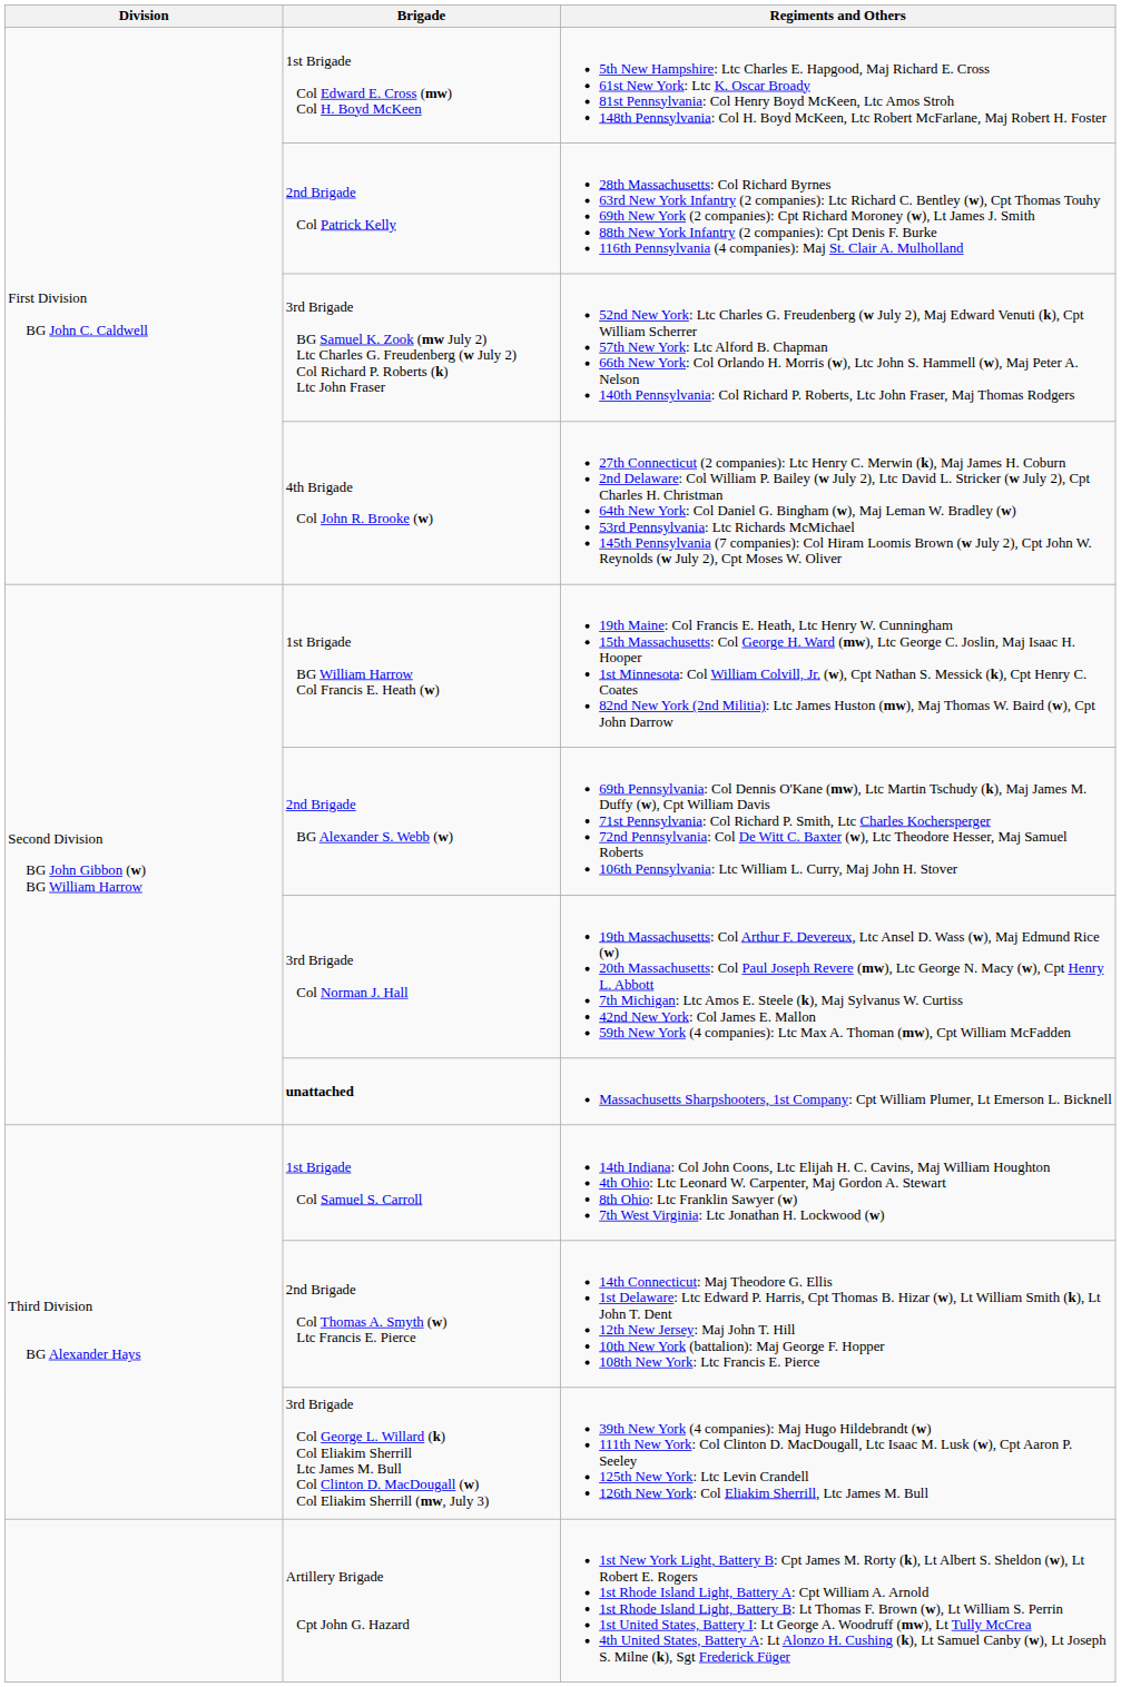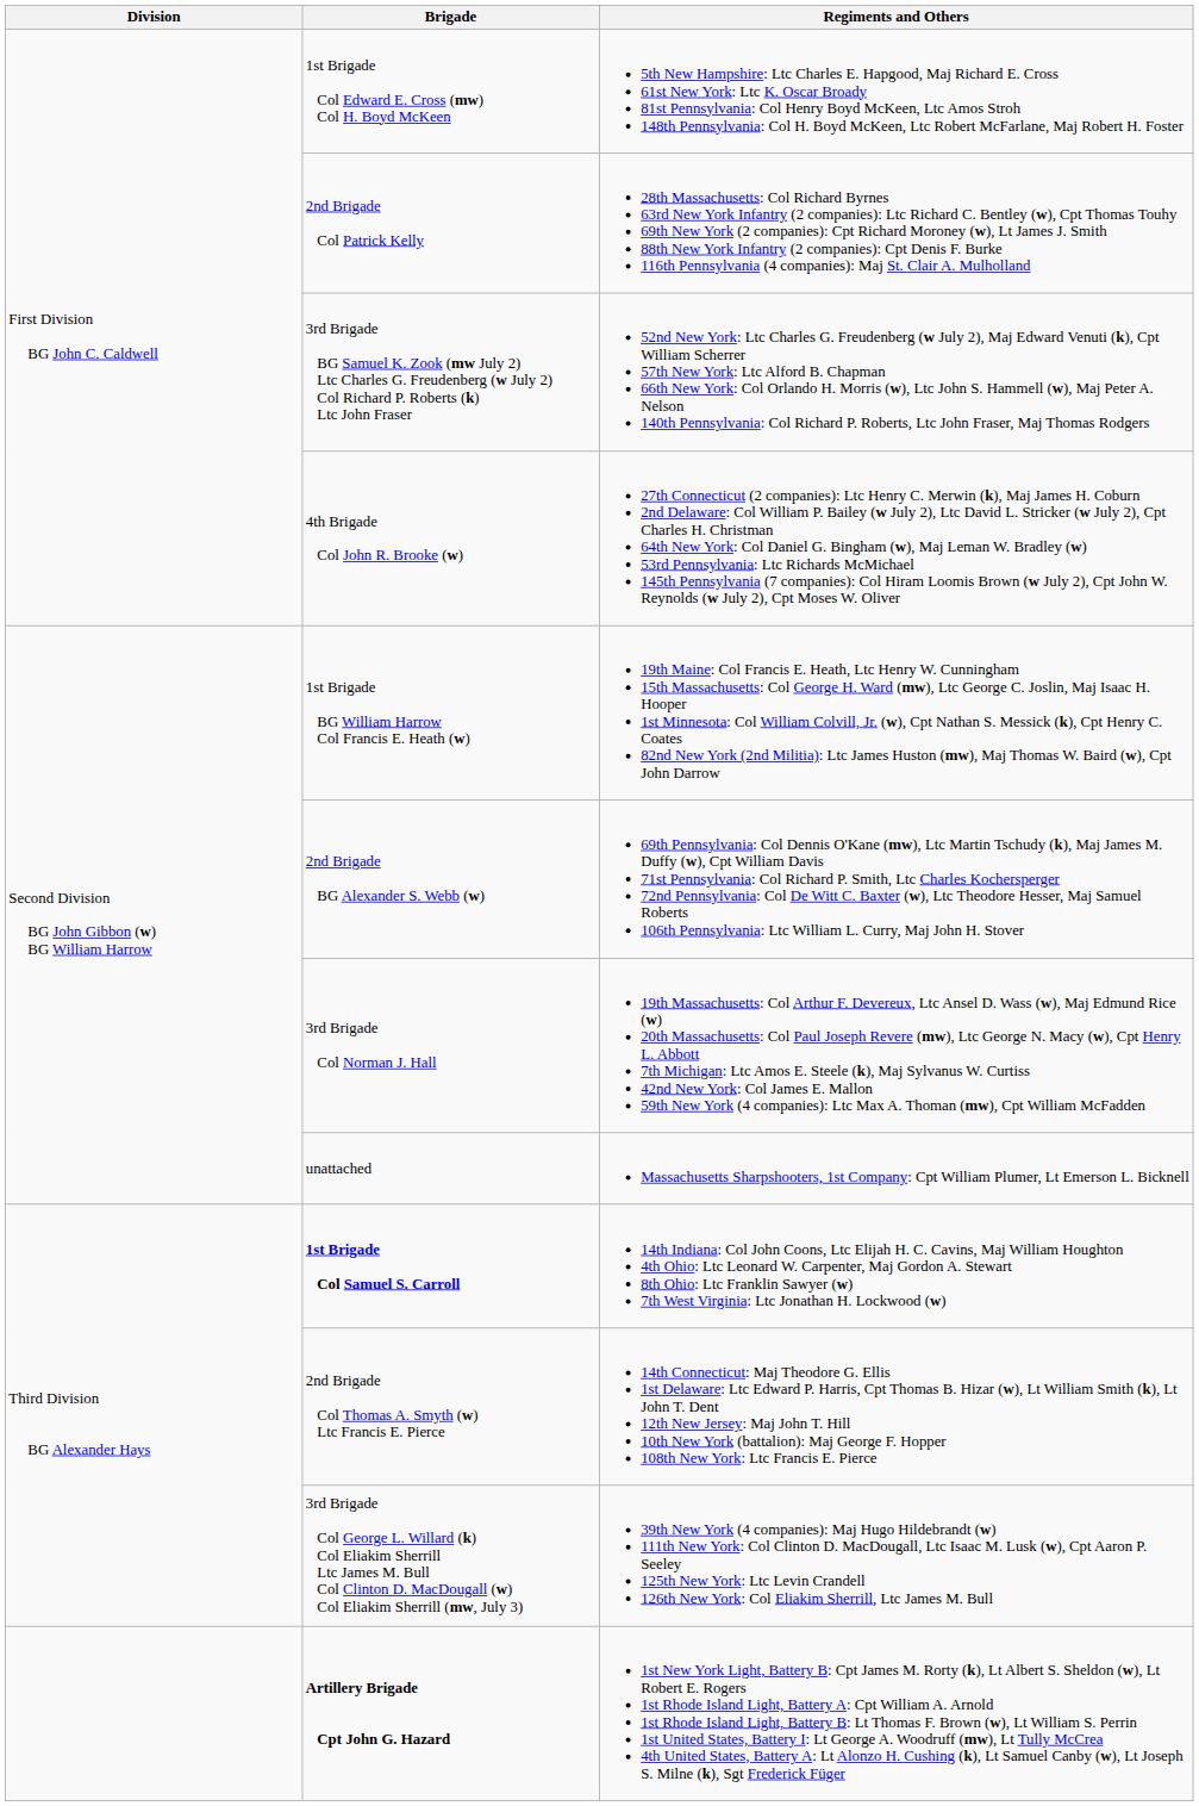 <table class="wikitable">
 <tr>
 <th style="width:25%;">Division</th>
 <th style="width:25%;">Brigade</th>
 <th>Regiments and Others</th>
 </tr>
 <tr>
 <td rowspan=4><br>First Division <br> <br>     BG <a href='#'>John C. Caldwell</a></td>
 <td>1st Brigade<br><br>   Col <a href='#'>Edward E. Cross</a> (<strong>mw</strong>) <br>   Col <a href='#'>H. Boyd McKeen</a></td>
 <td><br><ul><li><a href='#'>5th New Hampshire</a>: Ltc Charles E. Hapgood, Maj Richard E. Cross</li><li><a href='#'>61st New York</a>: Ltc <a href='#'>K. Oscar Broady</a></li><li><a href='#'>81st Pennsylvania</a>: Col Henry Boyd McKeen, Ltc Amos Stroh</li><li><a href='#'>148th Pennsylvania</a>: Col H. Boyd McKeen, Ltc Robert McFarlane, Maj Robert H. Foster</li></ul></td>
 </tr>
 <tr>
 <td><a href='#'>2nd Brigade</a><br><br>   Col <a href='#'>Patrick Kelly</a></td>
 <td><br><ul><li><a href='#'>28th Massachusetts</a>: Col Richard Byrnes</li><li><a href='#'>63rd New York Infantry</a> (2 companies): Ltc Richard C. Bentley (<strong>w</strong>), Cpt Thomas Touhy</li><li><a href='#'>69th New York</a> (2 companies): Cpt Richard Moroney (<strong>w</strong>), Lt James J. Smith</li><li><a href='#'>88th New York Infantry</a> (2 companies): Cpt Denis F. Burke</li><li><a href='#'>116th Pennsylvania</a> (4 companies): Maj <a href='#'>St. Clair A. Mulholland</a></li></ul></td>
 </tr>
 <tr>
 <td>3rd Brigade<br><br>   BG <a href='#'>Samuel K. Zook</a> (<strong>mw</strong> July 2) <br>   Ltc Charles G. Freudenberg (<strong>w</strong> July 2) <br>   Col Richard P. Roberts (<strong>k</strong>) <br>   Ltc John Fraser</td>
 <td><br><ul><li><a href='#'>52nd New York</a>: Ltc Charles G. Freudenberg (<strong>w</strong> July 2), Maj Edward Venuti (<strong>k</strong>), Cpt William Scherrer</li><li><a href='#'>57th New York</a>: Ltc Alford B. Chapman</li><li><a href='#'>66th New York</a>: Col Orlando H. Morris (<strong>w</strong>), Ltc John S. Hammell (<strong>w</strong>), Maj Peter A. Nelson</li><li><a href='#'>140th Pennsylvania</a>: Col Richard P. Roberts, Ltc John Fraser, Maj Thomas Rodgers</li></ul></td>
 </tr>
 <tr>
 <td>4th Brigade<br><br>   Col <a href='#'>John R. Brooke</a> (<strong>w</strong>)</td>
 <td><br><ul><li><a href='#'>27th Connecticut</a> (2 companies): Ltc Henry C. Merwin (<strong>k</strong>), Maj James H. Coburn</li><li><a href='#'>2nd Delaware</a>: Col William P. Bailey (<strong>w</strong> July 2), Ltc David L. Stricker (<strong>w</strong> July 2), Cpt Charles H. Christman</li><li><a href='#'>64th New York</a>: Col Daniel G. Bingham (<strong>w</strong>), Maj Leman W. Bradley (<strong>w</strong>)</li><li><a href='#'>53rd Pennsylvania</a>: Ltc Richards McMichael</li><li><a href='#'>145th Pennsylvania</a> (7 companies): Col Hiram Loomis Brown (<strong>w</strong> July 2), Cpt John W. Reynolds (<strong>w</strong> July 2), Cpt Moses W. Oliver</li></ul></td>
 </tr>
 <tr>
 <td rowspan=4><br>Second Division <br> <br>     BG <a href='#'>John Gibbon</a> (<strong>w</strong>) <br>     BG <a href='#'>William Harrow</a></td>
 <td>1st Brigade<br><br>   BG <a href='#'>William Harrow</a> <br>   Col Francis E. Heath (<strong>w</strong>)</td>
 <td><br><ul><li><a href='#'>19th Maine</a>: Col Francis E. Heath, Ltc Henry W. Cunningham</li><li><a href='#'>15th Massachusetts</a>: Col <a href='#'>George H. Ward</a> (<strong>mw</strong>), Ltc George C. Joslin, Maj Isaac H. Hooper</li><li><a href='#'>1st Minnesota</a>: Col <a href='#'>William Colvill, Jr.</a> (<strong>w</strong>), Cpt Nathan S. Messick (<strong>k</strong>), Cpt Henry C. Coates</li><li><a href='#'>82nd New York (2nd Militia)</a>: Ltc James Huston (<strong>mw</strong>), Maj Thomas W. Baird (<strong>w</strong>),  Cpt John Darrow</li></ul></td>
 </tr>
 <tr>
 <td><a href='#'>2nd Brigade</a><br><br>   BG <a href='#'>Alexander S. Webb</a> (<strong>w</strong>)</td>
 <td><br><ul><li><a href='#'>69th Pennsylvania</a>: Col Dennis O'Kane (<strong>mw</strong>), Ltc Martin Tschudy (<strong>k</strong>), Maj James M. Duffy (<strong>w</strong>), Cpt William Davis</li><li><a href='#'>71st Pennsylvania</a>: Col Richard P. Smith, Ltc <a href='#'>Charles Kochersperger</a></li><li><a href='#'>72nd Pennsylvania</a>: Col <a href='#'>De Witt C. Baxter</a> (<strong>w</strong>), Ltc Theodore Hesser, Maj Samuel Roberts</li><li><a href='#'>106th Pennsylvania</a>: Ltc William L. Curry, Maj John H. Stover</li></ul></td>
 </tr>
 <tr>
 <td>3rd Brigade<br><br>   Col <a href='#'>Norman J. Hall</a></td>
 <td><br><ul><li><a href='#'>19th Massachusetts</a>: Col <a href='#'>Arthur F. Devereux</a>, Ltc Ansel D. Wass (<strong>w</strong>), Maj Edmund Rice (<strong>w</strong>)</li><li><a href='#'>20th Massachusetts</a>: Col <a href='#'>Paul Joseph Revere</a> (<strong>mw</strong>), Ltc George N. Macy (<strong>w</strong>), Cpt <a href='#'>Henry L. Abbott</a></li><li><a href='#'>7th Michigan</a>: Ltc Amos E. Steele (<strong>k</strong>), Maj Sylvanus W. Curtiss</li><li><a href='#'>42nd New York</a>: Col James E. Mallon</li><li><a href='#'>59th New York</a> (4 companies): Ltc Max A. Thoman (<strong>mw</strong>), Cpt William McFadden</li></ul></td>
 </tr>
 <tr>
-<td><strong>unattached</strong></td>
+<td>unattached</td>
 <td><br><ul><li><a href='#'>Massachusetts Sharpshooters, 1st Company</a>: Cpt William Plumer, Lt Emerson L. Bicknell</li></ul></td>
 </tr>
 <tr>
 <td rowspan=3><br>Third Division<br><br> <br>     BG <a href='#'>Alexander Hays</a></td>
-<td><a href='#'>1st Brigade</a><br><br>   Col <a href='#'>Samuel S. Carroll</a></td>
+<td><strong><a href='#'>1st Brigade</a><br><br>   Col <a href='#'>Samuel S. Carroll</a></strong></td>
 <td><br><ul><li><a href='#'>14th Indiana</a>: Col John Coons, Ltc Elijah H. C. Cavins, Maj William Houghton</li><li><a href='#'>4th Ohio</a>: Ltc Leonard W. Carpenter, Maj Gordon A. Stewart</li><li><a href='#'>8th Ohio</a>: Ltc Franklin Sawyer (<strong>w</strong>)</li><li><a href='#'>7th West Virginia</a>: Ltc Jonathan H. Lockwood (<strong>w</strong>)</li></ul></td>
 </tr>
 <tr>
 <td>2nd Brigade<br><br>   Col <a href='#'>Thomas A. Smyth</a> (<strong>w</strong>) <br>   Ltc Francis E. Pierce</td>
 <td><br><ul><li><a href='#'>14th Connecticut</a>: Maj Theodore G. Ellis</li><li><a href='#'>1st Delaware</a>: Ltc Edward P. Harris, Cpt Thomas B. Hizar (<strong>w</strong>), Lt William Smith (<strong>k</strong>), Lt John T. Dent</li><li><a href='#'>12th New Jersey</a>: Maj John T. Hill</li><li><a href='#'>10th New York</a> (battalion): Maj George F. Hopper </li><li><a href='#'>108th New York</a>: Ltc Francis E. Pierce</li></ul></td>
 </tr>
 <tr>
 <td>3rd Brigade<br><br>   Col <a href='#'>George L. Willard</a> (<strong>k</strong>) <br>   Col Eliakim Sherrill  <br>   Ltc James M. Bull <br>   Col <a href='#'>Clinton D. MacDougall</a> (<strong>w</strong>) <br>   Col Eliakim Sherrill (<strong>mw</strong>, July 3)</td>
 <td><br><ul><li><a href='#'>39th New York</a> (4 companies): Maj Hugo Hildebrandt (<strong>w</strong>)</li><li><a href='#'>111th New York</a>: Col Clinton D. MacDougall, Ltc Isaac M. Lusk (<strong>w</strong>), Cpt Aaron P. Seeley</li><li><a href='#'>125th New York</a>: Ltc Levin Crandell</li><li><a href='#'>126th New York</a>: Col <a href='#'>Eliakim Sherrill</a>, Ltc James M. Bull</li></ul></td>
 </tr>
 <tr>
 <td></td>
-<td>Artillery Brigade<br><br> <br>   Cpt John G. Hazard</td>
+<td><strong>Artillery Brigade<br><br> <br>   Cpt John G. Hazard</strong></td>
 <td><br><ul><li><a href='#'>1st New York Light, Battery B</a>: Cpt James M. Rorty (<strong>k</strong>), Lt Albert S. Sheldon (<strong>w</strong>), Lt Robert E. Rogers</li><li><a href='#'>1st Rhode Island Light, Battery A</a>: Cpt William A. Arnold</li><li><a href='#'>1st Rhode Island Light, Battery B</a>: Lt Thomas F. Brown (<strong>w</strong>), Lt William S. Perrin</li><li><a href='#'>1st United States, Battery I</a>: Lt George A. Woodruff (<strong>mw</strong>), Lt <a href='#'>Tully McCrea</a></li><li><a href='#'>4th United States, Battery A</a>: Lt <a href='#'>Alonzo H. Cushing</a> (<strong>k</strong>), Lt Samuel Canby (<strong>w</strong>), Lt Joseph S. Milne (<strong>k</strong>), Sgt <a href='#'>Frederick Füger</a></li></ul></td>
 </tr>
 </table>
